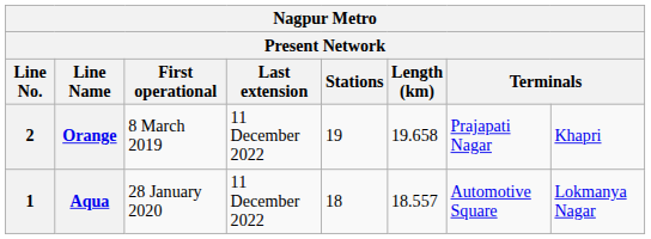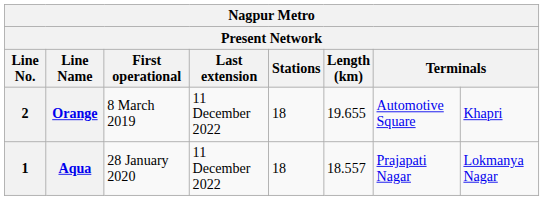 <table class="wikitable sortable"  font-align:center; text-align:center">
 <tr>
 <th colspan="8">Nagpur Metro</th>
 </tr>
 <tr>
 <th colspan="8">Present Network</th>
 </tr>
 <tr>
 <th>Line No.</th>
 <th>Line Name</th>
 <th>First operational</th>
 <th>Last extension</th>
 <th>Stations</th>
 <th>Length<br>(km)</th>
 <th colspan="2">Terminals</th>
 </tr>
 <tr>
 <th><strong>2</strong></th>
 <th style="background:#"><strong><a href='#'><span></strong>Orange<strong></span></a></strong></th>
 <td>8 March 2019</td>
 <td>11 December 2022</td>
-<td>19</td>
-<td>19.658</td>
-<td><a href='#'>Prajapati Nagar</a></td>
+<td>18</td>
+<td>19.655</td>
+<td><a href='#'>Automotive Square</a></td>
 <td><a href='#'>Khapri</a></td>
 </tr>
 <tr>
 <th><strong>1</strong></th>
 <th style="background:#"><strong><a href='#'><span></strong>Aqua<strong></span></a></strong></th>
 <td>28 January 2020</td>
 <td>11 December 2022</td>
 <td>18</td>
 <td>18.557</td>
-<td><a href='#'>Automotive Square</a></td>
+<td><a href='#'>Prajapati Nagar</a></td>
 <td><a href='#'>Lokmanya Nagar</a></td>
 </tr>
 </table>
